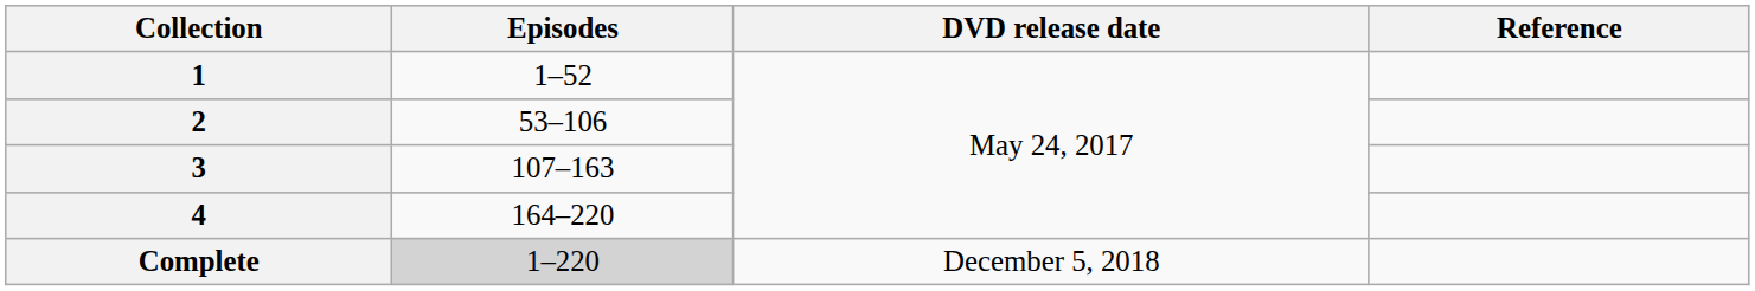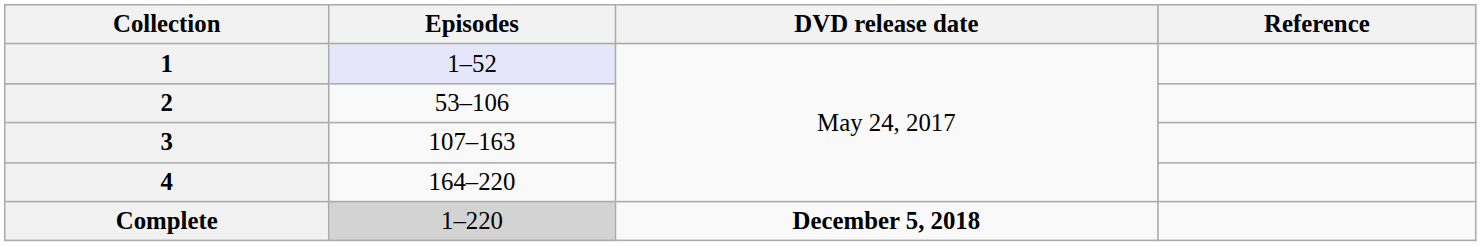 <table class="wikitable" style="text-align: center; width: 60%;">
 <tr>
 <th scope="col">Collection</th>
 <th scope="col">Episodes</th>
 <th scope="col">DVD release date</th>
 <th scope="col">Reference</th>
 </tr>
 <tr>
 <th scope="row">1</th>
-<td>1–52</td>
+<td style="background: lavender;">1–52</td>
 <td rowspan="4">May 24, 2017</td>
 <td></td>
 </tr>
 <tr>
 <th scope="row">2</th>
 <td>53–106</td>
 <td></td>
 </tr>
 <tr>
 <th scope="row">3</th>
 <td>107–163</td>
 <td></td>
 </tr>
 <tr>
 <th scope="row">4</th>
 <td>164–220</td>
 <td></td>
 </tr>
 <tr>
 <th scope="row">Complete</th>
 <td style="background: lightgrey;">1–220</td>
-<td>December 5, 2018</td>
+<td><strong>December 5, 2018</strong></td>
 <td></td>
 </tr>
 </table>
